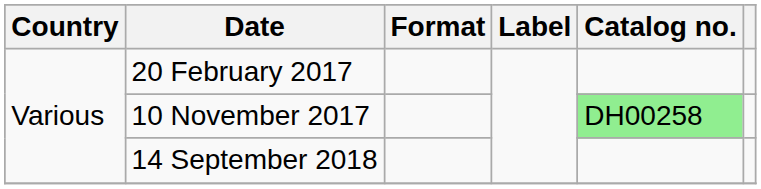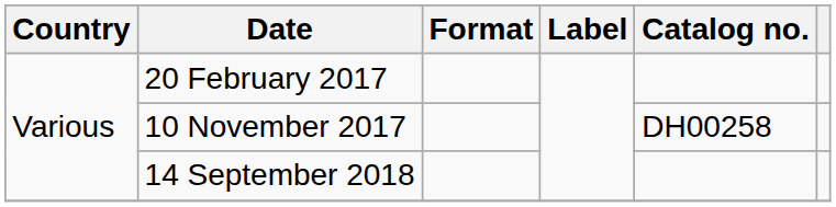 <table class="wikitable">
 <tr>
 <th>Country</th>
 <th>Date</th>
 <th>Format</th>
 <th>Label</th>
 <th>Catalog no.</th>
 <th></th>
 </tr>
 <tr>
 <td rowspan="3">Various</td>
 <td>20 February 2017</td>
 <td rowspan="1"></td>
 <td rowspan="3"></td>
 <td></td>
 <td></td>
 </tr>
 <tr>
 <td>10 November 2017</td>
 <td rowspan="1"></td>
-<td style="background: lightgreen;">DH00258</td>
+<td>DH00258</td>
 <td></td>
 </tr>
 <tr>
 <td>14 September 2018</td>
 <td rowspan="1"></td>
 <td></td>
 <td></td>
 </tr>
 <tr>
 </tr>
 </table>
